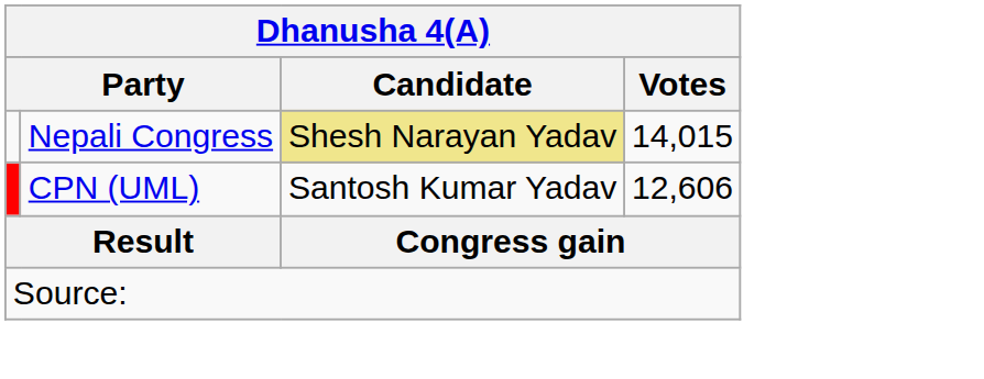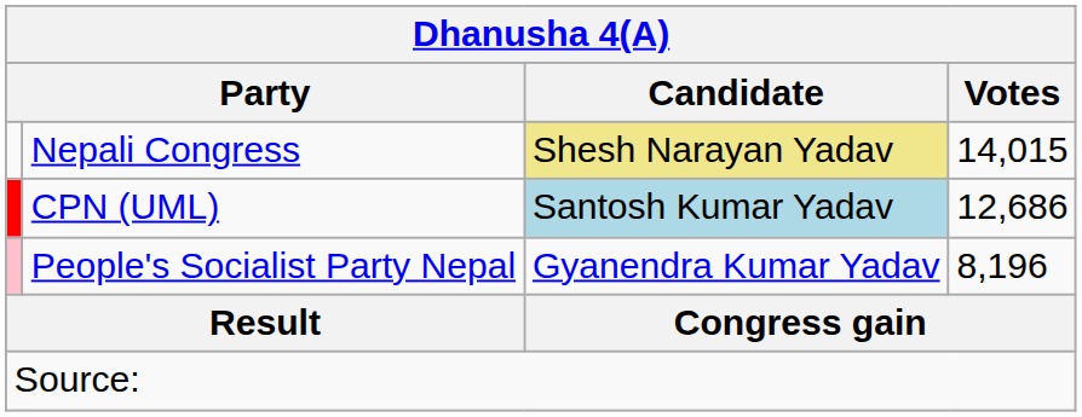 <table class="wikitable">
 <tr>
 <th colspan="4"><a href='#'>Dhanusha 4(A)</a></th>
 </tr>
 <tr>
 <th colspan="2">Party</th>
 <th>Candidate</th>
 <th>Votes</th>
 </tr>
 <tr>
 <td style="background-color:"></td>
 <td><a href='#'>Nepali Congress</a></td>
 <td style="background: khaki;">Shesh Narayan Yadav</td>
 <td>14,015</td>
 </tr>
 <tr>
 <td style="background-color:#FF0000"></td>
 <td><a href='#'>CPN (UML)</a></td>
-<td>Santosh Kumar Yadav</td>
-<td>12,606</td>
+<td style="background: lightblue;">Santosh Kumar Yadav</td>
+<td>12,686</td>
+</tr>
+<tr>
+<td style="background-color:#FFC0CB"></td>
+<td><a href='#'>People's Socialist Party Nepal</a></td>
+<td><a href='#'>Gyanendra Kumar Yadav</a></td>
+<td>8,196</td>
 </tr>
 <tr>
 <th colspan="2">Result</th>
 <th colspan="2">Congress gain</th>
 </tr>
 <tr>
 <td colspan="4">Source: </td>
 </tr>
 </table>
